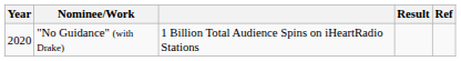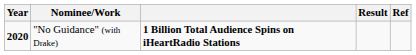 <table class="wikitable">
 <tr>
 <th>Year</th>
 <th>Nominee/Work</th>
 <th></th>
 <th>Result</th>
 <th>Ref</th>
 </tr>
 <tr>
-<td>2020</td>
+<td><strong>2020</strong></td>
 <td>"No Guidance" <small>(with Drake)</small></td>
-<td>1 Billion Total Audience Spins on iHeartRadio Stations</td>
+<td><strong>1 Billion Total Audience Spins on iHeartRadio Stations</strong></td>
 <td></td>
 <td></td>
 </tr>
 </table>
